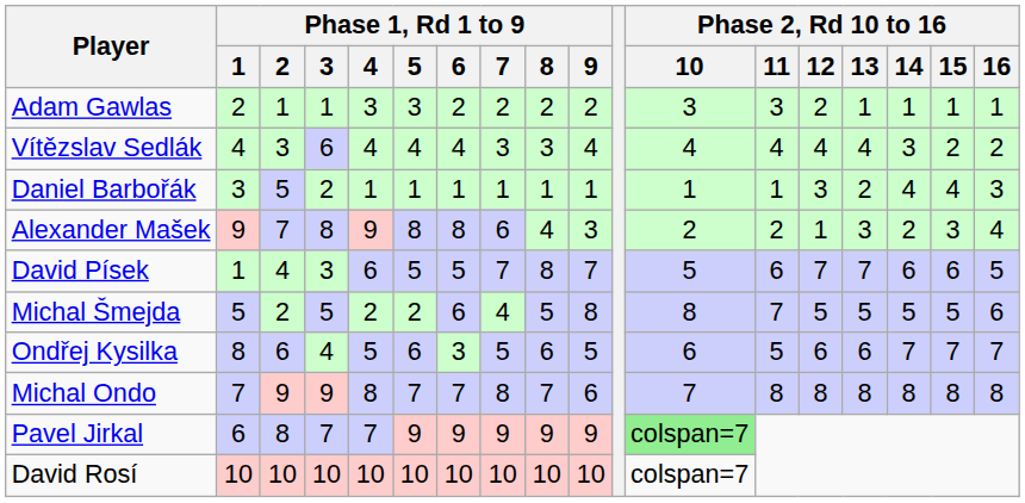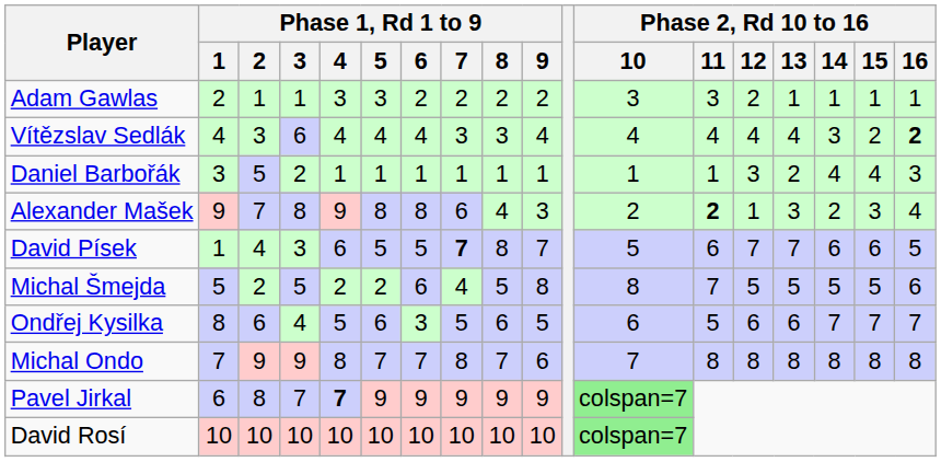 <table class="wikitable">
 <tr>
 <th rowspan="2">Player</th>
 <th colspan="9">Phase 1, Rd 1 to 9</th>
 <th rowspan="12"></th>
 <th colspan="7">Phase 2, Rd 10 to 16</th>
 </tr>
 <tr>
 <th style="width:20px;">1</th>
 <th style="width:20px;">2</th>
 <th style="width:20px;">3</th>
 <th style="width:20px;">4</th>
 <th style="width:20px;">5</th>
 <th style="width:20px;">6</th>
 <th style="width:20px;">7</th>
 <th style="width:20px;">8</th>
 <th style="width:20px;">9</th>
 <th style="width:20px;">10</th>
 <th style="width:20px;">11</th>
 <th style="width:20px;">12</th>
 <th style="width:20px;">13</th>
 <th style="width:20px;">14</th>
 <th style="width:20px;">15</th>
 <th style="width:20px;">16</th>
 </tr>
 <tr>
 <td> <a href='#'>Adam Gawlas</a></td>
 <td style="text-align:center; background:#ccffcc;">2</td>
 <td style="text-align:center; background:#ccffcc;">1</td>
 <td style="text-align:center; background:#ccffcc;">1</td>
 <td style="text-align:center; background:#ccffcc;">3</td>
 <td style="text-align:center; background:#ccffcc;">3</td>
 <td style="text-align:center; background:#ccffcc;">2</td>
 <td style="text-align:center; background:#ccffcc;">2</td>
 <td style="text-align:center; background:#ccffcc;">2</td>
 <td style="text-align:center; background:#ccffcc;">2</td>
 <td style="text-align:center; background:#ccffcc;">3</td>
 <td style="text-align:center; background:#ccffcc;">3</td>
 <td style="text-align:center; background:#ccffcc;">2</td>
 <td style="text-align:center; background:#ccffcc;">1</td>
 <td style="text-align:center; background:#ccffcc;">1</td>
 <td style="text-align:center; background:#ccffcc;">1</td>
 <td style="text-align:center; background:#ccffcc;">1</td>
 </tr>
 <tr>
 <td> <a href='#'>Vítězslav Sedlák</a></td>
 <td style="text-align:center; background:#ccffcc;">4</td>
 <td style="text-align:center; background:#ccffcc;">3</td>
 <td style="text-align:center; background:#cccffc;">6</td>
 <td style="text-align:center; background:#ccffcc;">4</td>
 <td style="text-align:center; background:#ccffcc;">4</td>
 <td style="text-align:center; background:#ccffcc;">4</td>
 <td style="text-align:center; background:#ccffcc;">3</td>
 <td style="text-align:center; background:#ccffcc;">3</td>
 <td style="text-align:center; background:#ccffcc;">4</td>
 <td style="text-align:center; background:#ccffcc;">4</td>
 <td style="text-align:center; background:#ccffcc;">4</td>
 <td style="text-align:center; background:#ccffcc;">4</td>
 <td style="text-align:center; background:#ccffcc;">4</td>
 <td style="text-align:center; background:#ccffcc;">3</td>
 <td style="text-align:center; background:#ccffcc;">2</td>
-<td style="text-align:center; background:#ccffcc;">2</td>
+<td style="text-align:center; background:#ccffcc;"><strong>2</strong></td>
 </tr>
 <tr>
 <td> <a href='#'>Daniel Barbořák</a></td>
 <td style="text-align:center; background:#ccffcc;">3</td>
 <td style="text-align:center; background:#cccffc;">5</td>
 <td style="text-align:center; background:#ccffcc;">2</td>
 <td style="text-align:center; background:#ccffcc;">1</td>
 <td style="text-align:center; background:#ccffcc;">1</td>
 <td style="text-align:center; background:#ccffcc;">1</td>
 <td style="text-align:center; background:#ccffcc;">1</td>
 <td style="text-align:center; background:#ccffcc;">1</td>
 <td style="text-align:center; background:#ccffcc;">1</td>
 <td style="text-align:center; background:#ccffcc;">1</td>
 <td style="text-align:center; background:#ccffcc;">1</td>
 <td style="text-align:center; background:#ccffcc;">3</td>
 <td style="text-align:center; background:#ccffcc;">2</td>
 <td style="text-align:center; background:#ccffcc;">4</td>
 <td style="text-align:center; background:#ccffcc;">4</td>
 <td style="text-align:center; background:#ccffcc;">3</td>
 </tr>
 <tr>
 <td> <a href='#'>Alexander Mašek</a></td>
 <td style="text-align:center; background:#fcc;">9</td>
 <td style="text-align:center; background:#cccffc;">7</td>
 <td style="text-align:center; background:#cccffc;">8</td>
 <td style="text-align:center; background:#fcc;">9</td>
 <td style="text-align:center; background:#cccffc;">8</td>
 <td style="text-align:center; background:#cccffc;">8</td>
 <td style="text-align:center; background:#cccffc;">6</td>
 <td style="text-align:center; background:#cfc;">4</td>
 <td style="text-align:center; background:#cfc;">3</td>
 <td style="text-align:center; background:#cfc;">2</td>
-<td style="text-align:center; background:#cfc;">2</td>
+<td style="text-align:center; background:#cfc;"><strong>2</strong></td>
 <td style="text-align:center; background:#cfc;">1</td>
 <td style="text-align:center; background:#cfc;">3</td>
 <td style="text-align:center; background:#cfc;">2</td>
 <td style="text-align:center; background:#cfc;">3</td>
 <td style="text-align:center; background:#cfc;">4</td>
 </tr>
 <tr>
 <td> <a href='#'>David Písek</a></td>
 <td style="text-align:center; background:#cfc;">1</td>
 <td style="text-align:center; background:#cfc;">4</td>
 <td style="text-align:center; background:#cfc;">3</td>
 <td style="text-align:center; background:#cccffc;">6</td>
 <td style="text-align:center; background:#cccffc;">5</td>
 <td style="text-align:center; background:#cccffc;">5</td>
-<td style="text-align:center; background:#cccffc;">7</td>
+<td style="text-align:center; background:#cccffc;"><strong>7</strong></td>
 <td style="text-align:center; background:#cccffc;">8</td>
 <td style="text-align:center; background:#cccffc;">7</td>
 <td style="text-align:center; background:#cccffc;">5</td>
 <td style="text-align:center; background:#cccffc;">6</td>
 <td style="text-align:center; background:#cccffc;">7</td>
 <td style="text-align:center; background:#cccffc;">7</td>
 <td style="text-align:center; background:#cccffc;">6</td>
 <td style="text-align:center; background:#cccffc;">6</td>
 <td style="text-align:center; background:#cccffc;">5</td>
 </tr>
 <tr>
 <td> <a href='#'>Michal Šmejda</a></td>
 <td style="text-align:center; background:#cccffc;">5</td>
 <td style="text-align:center; background:#cfc;">2</td>
 <td style="text-align:center; background:#cccffc;">5</td>
 <td style="text-align:center; background:#cfc;">2</td>
 <td style="text-align:center; background:#cfc;">2</td>
 <td style="text-align:center; background:#cccffc;">6</td>
 <td style="text-align:center; background:#cfc;">4</td>
 <td style="text-align:center; background:#cccffc;">5</td>
 <td style="text-align:center; background:#cccffc;">8</td>
 <td style="text-align:center; background:#cccffc;">8</td>
 <td style="text-align:center; background:#cccffc;">7</td>
 <td style="text-align:center; background:#cccffc;">5</td>
 <td style="text-align:center; background:#cccffc;">5</td>
 <td style="text-align:center; background:#cccffc;">5</td>
 <td style="text-align:center; background:#cccffc;">5</td>
 <td style="text-align:center; background:#cccffc;">6</td>
 </tr>
 <tr>
 <td> <a href='#'>Ondřej Kysilka</a></td>
 <td style="text-align:center; background:#cccffc;">8</td>
 <td style="text-align:center; background:#cccffc;">6</td>
 <td style="text-align:center; background:#ccffcc;">4</td>
 <td style="text-align:center; background:#cccffc;">5</td>
 <td style="text-align:center; background:#cccffc;">6</td>
 <td style="text-align:center; background:#ccffcc;">3</td>
 <td style="text-align:center; background:#cccffc;">5</td>
 <td style="text-align:center; background:#cccffc;">6</td>
 <td style="text-align:center; background:#cccffc;">5</td>
 <td style="text-align:center; background:#cccffc;">6</td>
 <td style="text-align:center; background:#cccffc;">5</td>
 <td style="text-align:center; background:#cccffc;">6</td>
 <td style="text-align:center; background:#cccffc;">6</td>
 <td style="text-align:center; background:#cccffc;">7</td>
 <td style="text-align:center; background:#cccffc;">7</td>
 <td style="text-align:center; background:#cccffc;">7</td>
 </tr>
 <tr>
 <td> <a href='#'>Michal Ondo</a></td>
 <td style="text-align:center; background:#cccffc;">7</td>
 <td style="text-align:center; background:#fcc;">9</td>
 <td style="text-align:center; background:#fcc;">9</td>
 <td style="text-align:center; background:#cccffc;">8</td>
 <td style="text-align:center; background:#cccffc;">7</td>
 <td style="text-align:center; background:#cccffc;">7</td>
 <td style="text-align:center; background:#cccffc;">8</td>
 <td style="text-align:center; background:#cccffc;">7</td>
 <td style="text-align:center; background:#cccffc;">6</td>
 <td style="text-align:center; background:#cccffc;">7</td>
 <td style="text-align:center; background:#cccffc;">8</td>
 <td style="text-align:center; background:#cccffc;">8</td>
 <td style="text-align:center; background:#cccffc;">8</td>
 <td style="text-align:center; background:#cccffc;">8</td>
 <td style="text-align:center; background:#cccffc;">8</td>
 <td style="text-align:center; background:#cccffc;">8</td>
 </tr>
 <tr>
 <td> <a href='#'>Pavel Jirkal</a></td>
 <td style="text-align:center; background:#cccffc;">6</td>
 <td style="text-align:center; background:#cccffc;">8</td>
 <td style="text-align:center; background:#cccffc;">7</td>
-<td style="text-align:center; background:#cccffc;">7</td>
+<td style="text-align:center; background:#cccffc;"><strong>7</strong></td>
 <td style="text-align:center; background:#fcc;">9</td>
 <td style="text-align:center; background:#fcc;">9</td>
 <td style="text-align:center; background:#fcc;">9</td>
 <td style="text-align:center; background:#fcc;">9</td>
 <td style="text-align:center; background:#fcc;">9</td>
 <td style="background: lightgreen;">colspan=7 </td>
 </tr>
 <tr>
 <td> David Rosí</td>
 <td style="text-align:center; background:#fcc;">10</td>
 <td style="text-align:center; background:#fcc;">10</td>
 <td style="text-align:center; background:#fcc;">10</td>
 <td style="text-align:center; background:#fcc;">10</td>
 <td style="text-align:center; background:#fcc;">10</td>
 <td style="text-align:center; background:#fcc;">10</td>
 <td style="text-align:center; background:#fcc;">10</td>
 <td style="text-align:center; background:#fcc;">10</td>
 <td style="text-align:center; background:#fcc;">10</td>
-<td>colspan=7 </td>
+<td style="background: lightgreen;">colspan=7 </td>
 </tr>
 </table>
